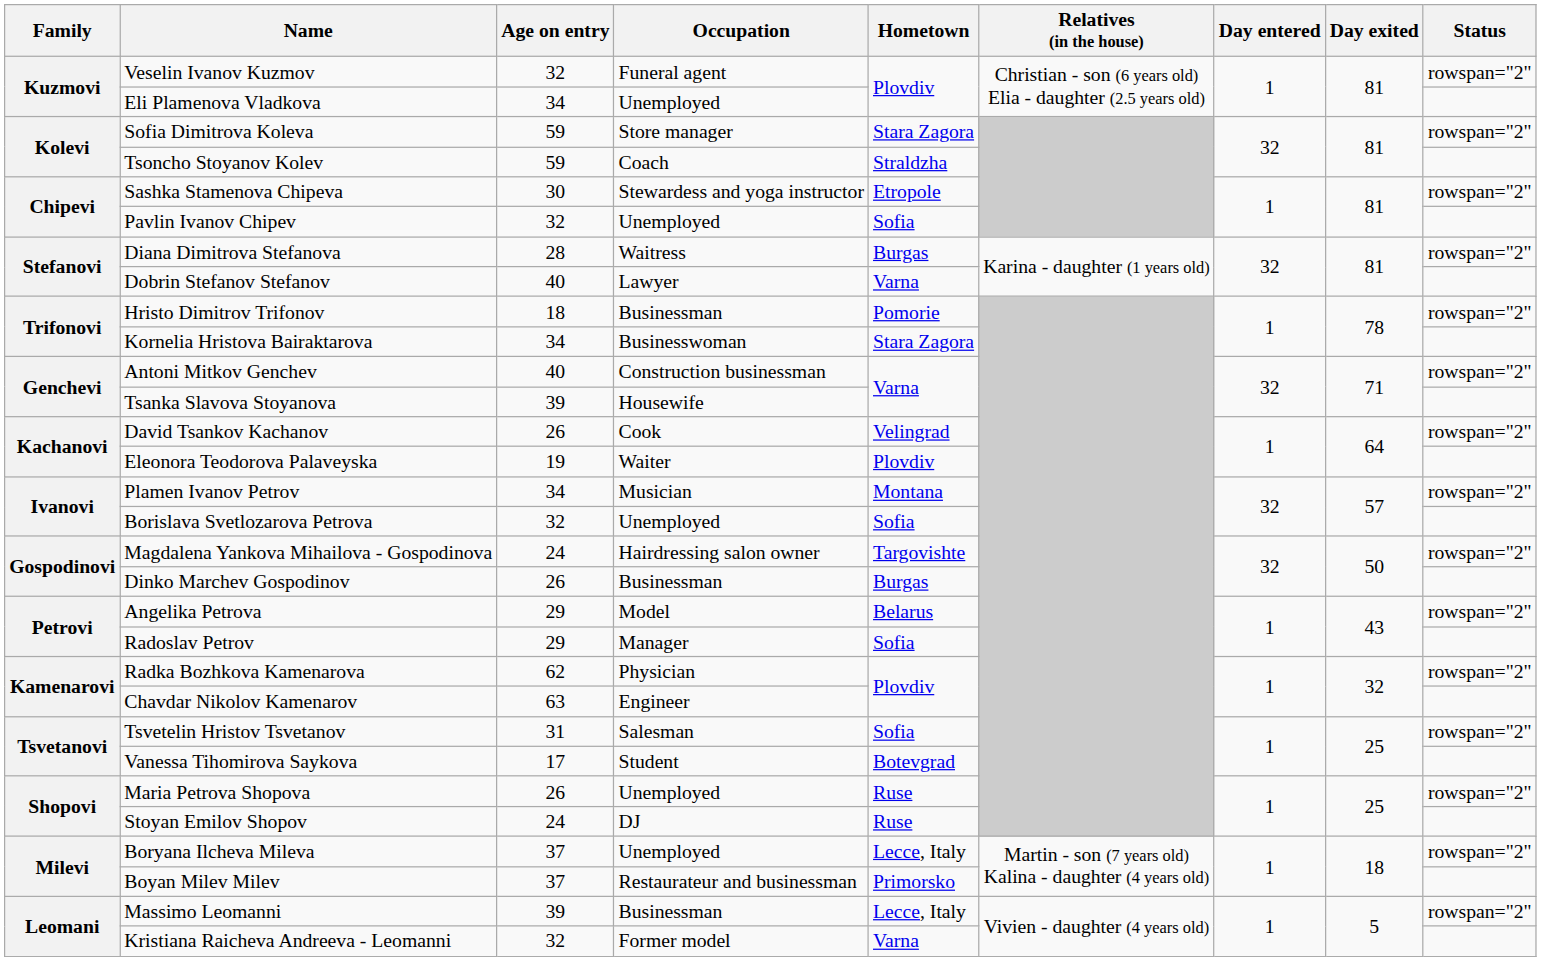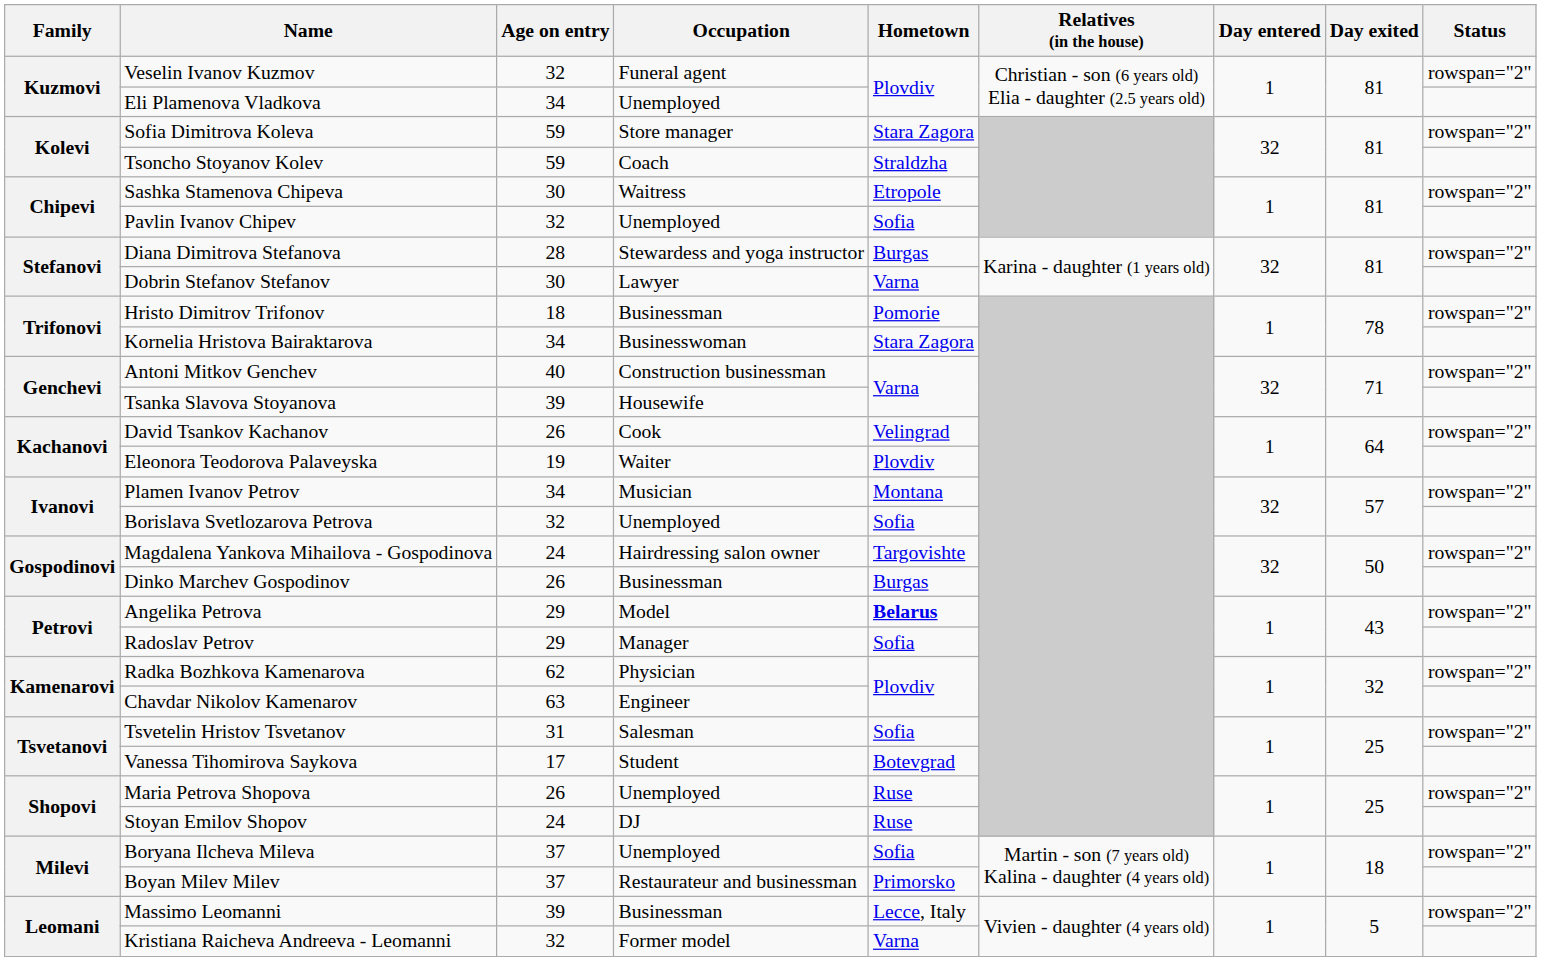 <table class="wikitable" style="text-align:center; line-height:17px; width:auto;">
 <tr>
 <th>Family</th>
 <th>Name</th>
 <th>Age on entry</th>
 <th>Occupation</th>
 <th>Hometown</th>
 <th>Relatives<br><small>(in the house)</small></th>
 <th>Day entered</th>
 <th>Day exited</th>
 <th>Status</th>
 </tr>
 <tr>
 <th rowspan="2">Kuzmovi</th>
 <td align="left">Veselin Ivanov Kuzmov</td>
 <td>32</td>
 <td align="left">Funeral agent</td>
 <td rowspan="2" align="left"><a href='#'>Plovdiv</a></td>
 <td rowspan="2">Christian - son <small>(6 years old)</small><br>Elia - daughter <small>(2.5 years old)</small></td>
 <td rowspan="2">1</td>
 <td rowspan="2">81</td>
 <td>rowspan="2" </td>
 </tr>
 <tr>
 <td align="left">Eli Plamenova Vladkova</td>
 <td>34</td>
 <td align="left">Unemployed</td>
 </tr>
 <tr>
 <th rowspan="2">Kolevi</th>
 <td align="left">Sofia Dimitrova Koleva</td>
 <td>59</td>
 <td align="left">Store manager</td>
 <td align="left"><a href='#'>Stara Zagora</a></td>
 <td rowspan="4" style="background:#ccc"></td>
 <td rowspan="2">32</td>
 <td rowspan="2">81</td>
 <td>rowspan="2" </td>
 </tr>
 <tr>
 <td align="left">Tsoncho Stoyanov Kolev</td>
 <td>59</td>
 <td align="left">Coach</td>
 <td align="left"><a href='#'>Straldzha</a></td>
 </tr>
 <tr>
 <th rowspan="2">Chipevi</th>
 <td align="left">Sashka Stamenova Chipeva</td>
 <td>30</td>
-<td align="left">Stewardess and yoga instructor</td>
+<td align="left">Waitress</td>
 <td align="left"><a href='#'>Etropole</a></td>
 <td rowspan="2">1</td>
 <td rowspan="2">81</td>
 <td>rowspan="2" </td>
 </tr>
 <tr>
 <td align="left">Pavlin Ivanov Chipev</td>
 <td>32</td>
 <td align="left">Unemployed</td>
 <td align="left"><a href='#'>Sofia</a></td>
 </tr>
 <tr>
 <th rowspan="2">Stefanovi</th>
 <td align="left">Diana Dimitrova Stefanova</td>
 <td>28</td>
-<td align="left">Waitress</td>
+<td align="left">Stewardess and yoga instructor</td>
 <td align="left"><a href='#'>Burgas</a></td>
 <td rowspan="2">Karina - daughter <small>(1 years old)</small></td>
 <td rowspan="2">32</td>
 <td rowspan="2">81</td>
 <td>rowspan="2" </td>
 </tr>
 <tr>
 <td align="left">Dobrin Stefanov Stefanov</td>
-<td>40</td>
+<td>30</td>
 <td align="left">Lawyer</td>
 <td align="left"><a href='#'>Varna</a></td>
 </tr>
 <tr>
 <th rowspan="2">Trifonovi</th>
 <td align="left">Hristo Dimitrov Trifonov</td>
 <td>18</td>
 <td align="left">Businessman</td>
 <td align="left"><a href='#'>Pomorie</a></td>
 <td rowspan="18" style="background:#ccc"></td>
 <td rowspan="2">1</td>
 <td rowspan="2">78</td>
 <td>rowspan="2" </td>
 </tr>
 <tr>
 <td align="left">Kornelia Hristova Bairaktarova</td>
 <td>34</td>
 <td align="left">Businesswoman</td>
 <td align="left"><a href='#'>Stara Zagora</a></td>
 </tr>
 <tr>
 <th rowspan="2">Genchevi</th>
 <td align="left">Antoni Mitkov Genchev</td>
 <td>40</td>
 <td align="left">Construction businessman</td>
 <td rowspan="2" align="left"><a href='#'>Varna</a></td>
 <td rowspan="2">32</td>
 <td rowspan="2">71</td>
 <td>rowspan="2" </td>
 </tr>
 <tr>
 <td align="left">Tsanka Slavova Stoyanova</td>
 <td>39</td>
 <td align="left">Housewife</td>
 </tr>
 <tr>
 <th rowspan="2">Kachanovi</th>
 <td align="left">David Tsankov Kachanov</td>
 <td>26</td>
 <td align="left">Cook</td>
 <td align="left"><a href='#'>Velingrad</a></td>
 <td rowspan="2">1</td>
 <td rowspan="2">64</td>
 <td>rowspan="2" </td>
 </tr>
 <tr>
 <td align="left">Eleonora Teodorova Palaveyska</td>
 <td>19</td>
 <td align="left">Waiter</td>
 <td align="left"><a href='#'>Plovdiv</a></td>
 </tr>
 <tr>
 <th rowspan="2">Ivanovi</th>
 <td align="left">Plamen Ivanov Petrov</td>
 <td>34</td>
 <td align="left">Musician</td>
 <td align="left"><a href='#'>Montana</a></td>
 <td rowspan="2">32</td>
 <td rowspan="2">57</td>
 <td>rowspan="2" </td>
 </tr>
 <tr>
 <td align="left">Borislava Svetlozarova Petrova</td>
 <td>32</td>
 <td align="left">Unemployed</td>
 <td align="left"><a href='#'>Sofia</a></td>
 </tr>
 <tr>
 <th rowspan="2">Gospodinovi</th>
 <td align="left">Magdalena Yankova Mihailova - Gospodinova</td>
 <td>24</td>
 <td align="left">Hairdressing salon owner</td>
 <td align="left"><a href='#'>Targovishte</a></td>
 <td rowspan="2">32</td>
 <td rowspan="2">50</td>
 <td>rowspan="2" </td>
 </tr>
 <tr>
 <td align="left">Dinko Marchev Gospodinov</td>
 <td>26</td>
 <td align="left">Businessman</td>
 <td align="left"><a href='#'>Burgas</a></td>
 </tr>
 <tr>
 <th rowspan="2">Petrovi</th>
 <td align="left">Angelika Petrova</td>
 <td>29</td>
 <td align="left">Model</td>
-<td align="left"><a href='#'>Belarus</a></td>
+<td align="left"><strong><a href='#'>Belarus</a></strong></td>
 <td rowspan="2">1</td>
 <td rowspan="2">43</td>
 <td>rowspan="2" </td>
 </tr>
 <tr>
 <td align="left">Radoslav Petrov</td>
 <td>29</td>
 <td align="left">Manager</td>
 <td align="left"><a href='#'>Sofia</a></td>
 </tr>
 <tr>
 <th rowspan="2">Kamenarovi</th>
 <td align="left">Radka Bozhkova Kamenarova</td>
 <td>62</td>
 <td align="left">Physician</td>
 <td rowspan="2" align="left"><a href='#'>Plovdiv</a></td>
 <td rowspan="2">1</td>
 <td rowspan="2">32</td>
 <td>rowspan="2" </td>
 </tr>
 <tr>
 <td align="left">Chavdar Nikolov Kamenarov</td>
 <td>63</td>
 <td align="left">Engineer</td>
 </tr>
 <tr>
 <th rowspan="2">Tsvetanovi</th>
 <td align="left">Tsvetelin Hristov Tsvetanov</td>
 <td>31</td>
 <td align="left">Salesman</td>
 <td align="left"><a href='#'>Sofia</a></td>
 <td rowspan="2">1</td>
 <td rowspan="2">25</td>
 <td>rowspan="2" </td>
 </tr>
 <tr>
 <td align="left">Vanessa Tihomirova Saykova</td>
 <td>17</td>
 <td align="left">Student</td>
 <td align="left"><a href='#'>Botevgrad</a></td>
 </tr>
 <tr>
 <th rowspan="2">Shopovi</th>
 <td align="left">Maria Petrova Shopova</td>
 <td>26</td>
 <td align="left">Unemployed</td>
 <td align="left"><a href='#'>Ruse</a></td>
 <td rowspan="2">1</td>
 <td rowspan="2">25</td>
 <td>rowspan="2" </td>
 </tr>
 <tr>
 <td align="left">Stoyan Emilov Shopov</td>
 <td>24</td>
 <td align="left">DJ</td>
 <td align="left"><a href='#'>Ruse</a></td>
 </tr>
 <tr>
 <th rowspan="2">Milevi</th>
 <td align="left">Boryana Ilcheva Mileva</td>
 <td>37</td>
 <td align="left">Unemployed</td>
-<td align="left"><a href='#'>Lecce</a>, Italy</td>
+<td align="left"><a href='#'>Sofia</a></td>
 <td rowspan="2">Martin - son <small>(7 years old)</small><br>Kalina - daughter <small>(4 years old)</small></td>
 <td rowspan="2">1</td>
 <td rowspan="2">18</td>
 <td>rowspan="2" </td>
 </tr>
 <tr>
 <td align="left">Boyan Milev Milev</td>
 <td>37</td>
 <td align="left">Restaurateur and businessman</td>
 <td align="left"><a href='#'>Primorsko</a></td>
 </tr>
 <tr>
 <th rowspan="2">Leomani</th>
 <td align="left">Massimo Leomanni</td>
 <td>39</td>
 <td align="left">Businessman</td>
 <td align="left"><a href='#'>Lecce</a>, Italy</td>
 <td rowspan="2">Vivien - daughter <small>(4 years old)</small></td>
 <td rowspan="2">1</td>
 <td rowspan="2">5</td>
 <td>rowspan="2" </td>
 </tr>
 <tr>
 <td align="left">Kristiana Raicheva Andreeva - Leomanni</td>
 <td>32</td>
 <td align="left">Former model</td>
 <td align="left"><a href='#'>Varna</a></td>
 </tr>
 </table>
